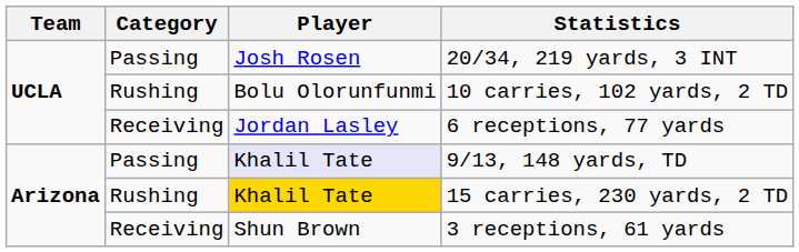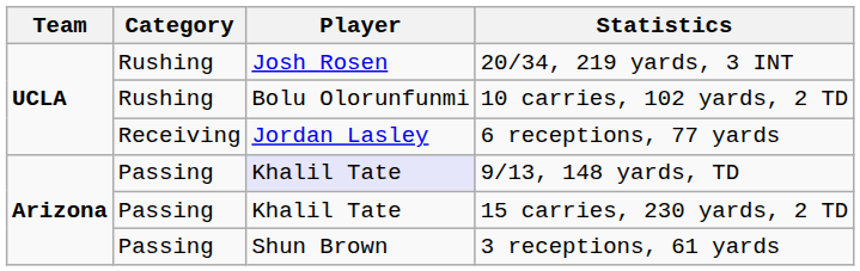 <table class="wikitable" style="float: right;">
 <tr>
 <th>Team</th>
 <th>Category</th>
 <th>Player</th>
 <th>Statistics</th>
 </tr>
 <tr>
 <td rowspan=3><strong>UCLA</strong></td>
-<td>Passing</td>
+<td>Rushing</td>
 <td><a href='#'>Josh Rosen</a></td>
 <td>20/34, 219 yards, 3 INT</td>
 </tr>
 <tr>
 <td>Rushing</td>
 <td>Bolu Olorunfunmi</td>
 <td>10 carries, 102 yards, 2 TD</td>
 </tr>
 <tr>
 <td>Receiving</td>
 <td><a href='#'>Jordan Lasley</a></td>
 <td>6 receptions, 77 yards</td>
 </tr>
 <tr>
 <td rowspan=3><strong>Arizona</strong></td>
 <td>Passing</td>
 <td style="background: lavender;">Khalil Tate</td>
 <td>9/13, 148 yards, TD</td>
 </tr>
 <tr>
-<td>Rushing</td>
-<td style="background: gold;">Khalil Tate</td>
+<td>Passing</td>
+<td>Khalil Tate</td>
 <td>15 carries, 230 yards, 2 TD</td>
 </tr>
 <tr>
-<td>Receiving</td>
+<td>Passing</td>
 <td>Shun Brown</td>
 <td>3 receptions, 61 yards</td>
 </tr>
 </table>
